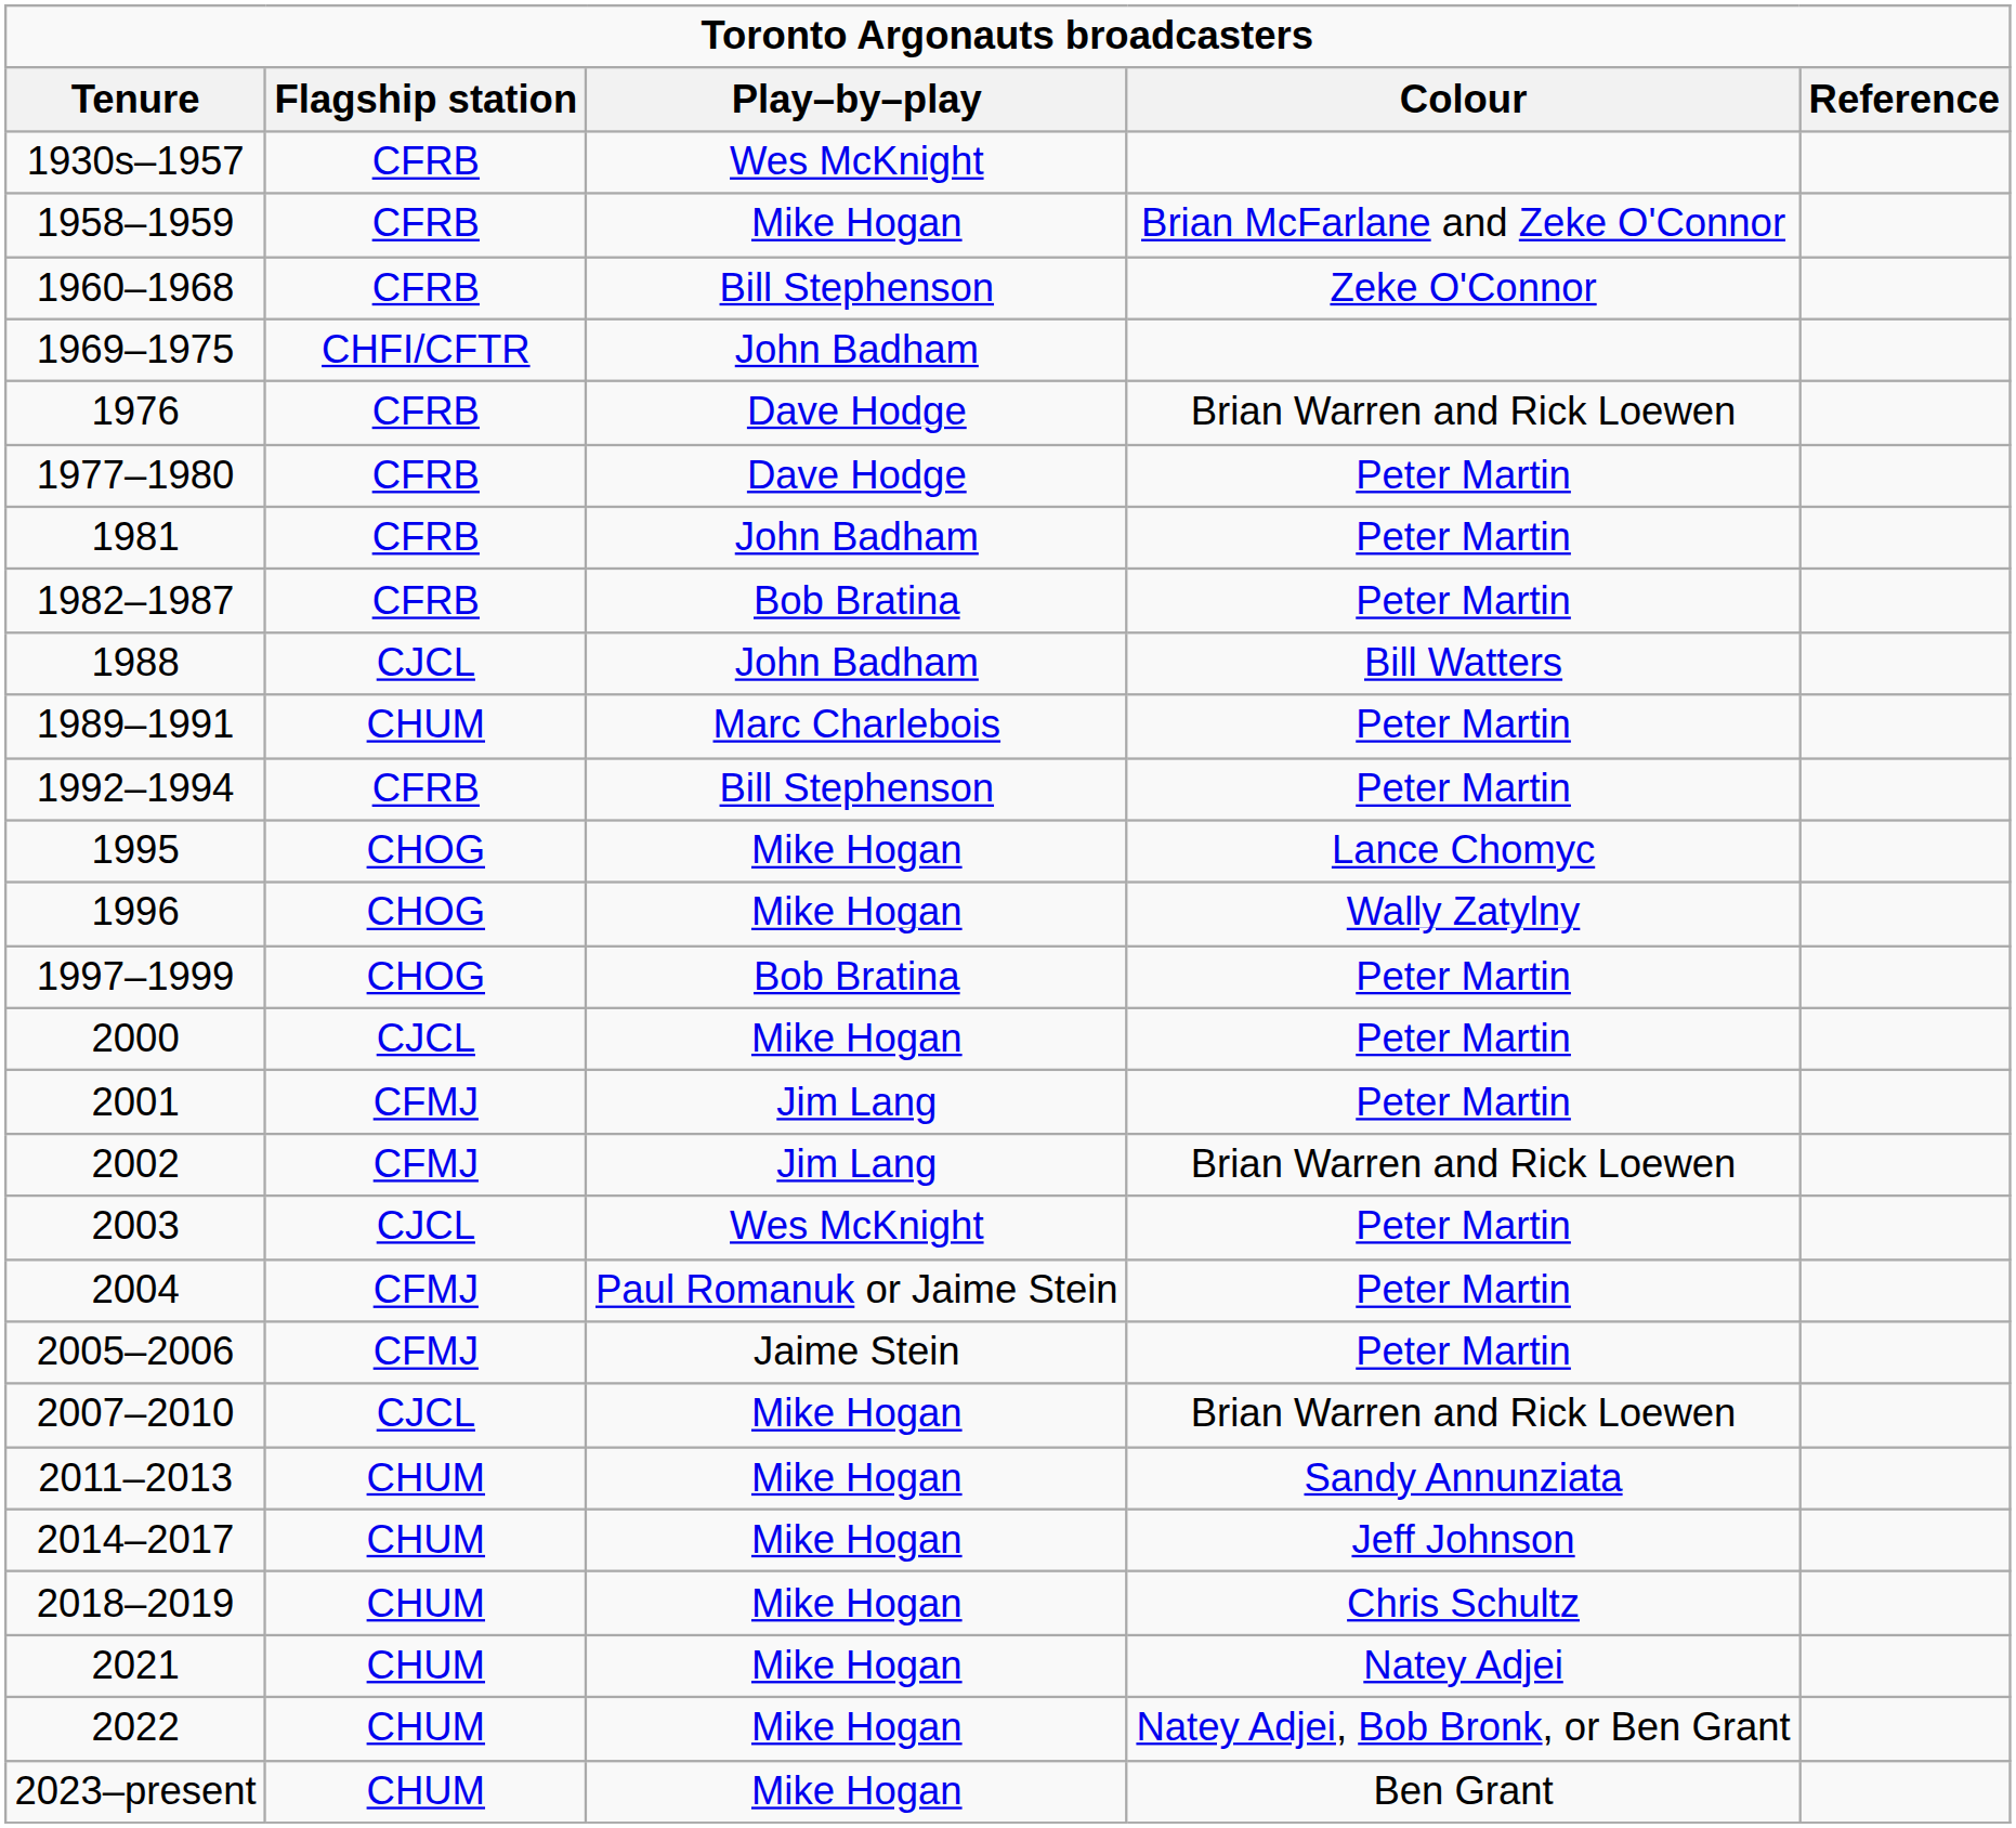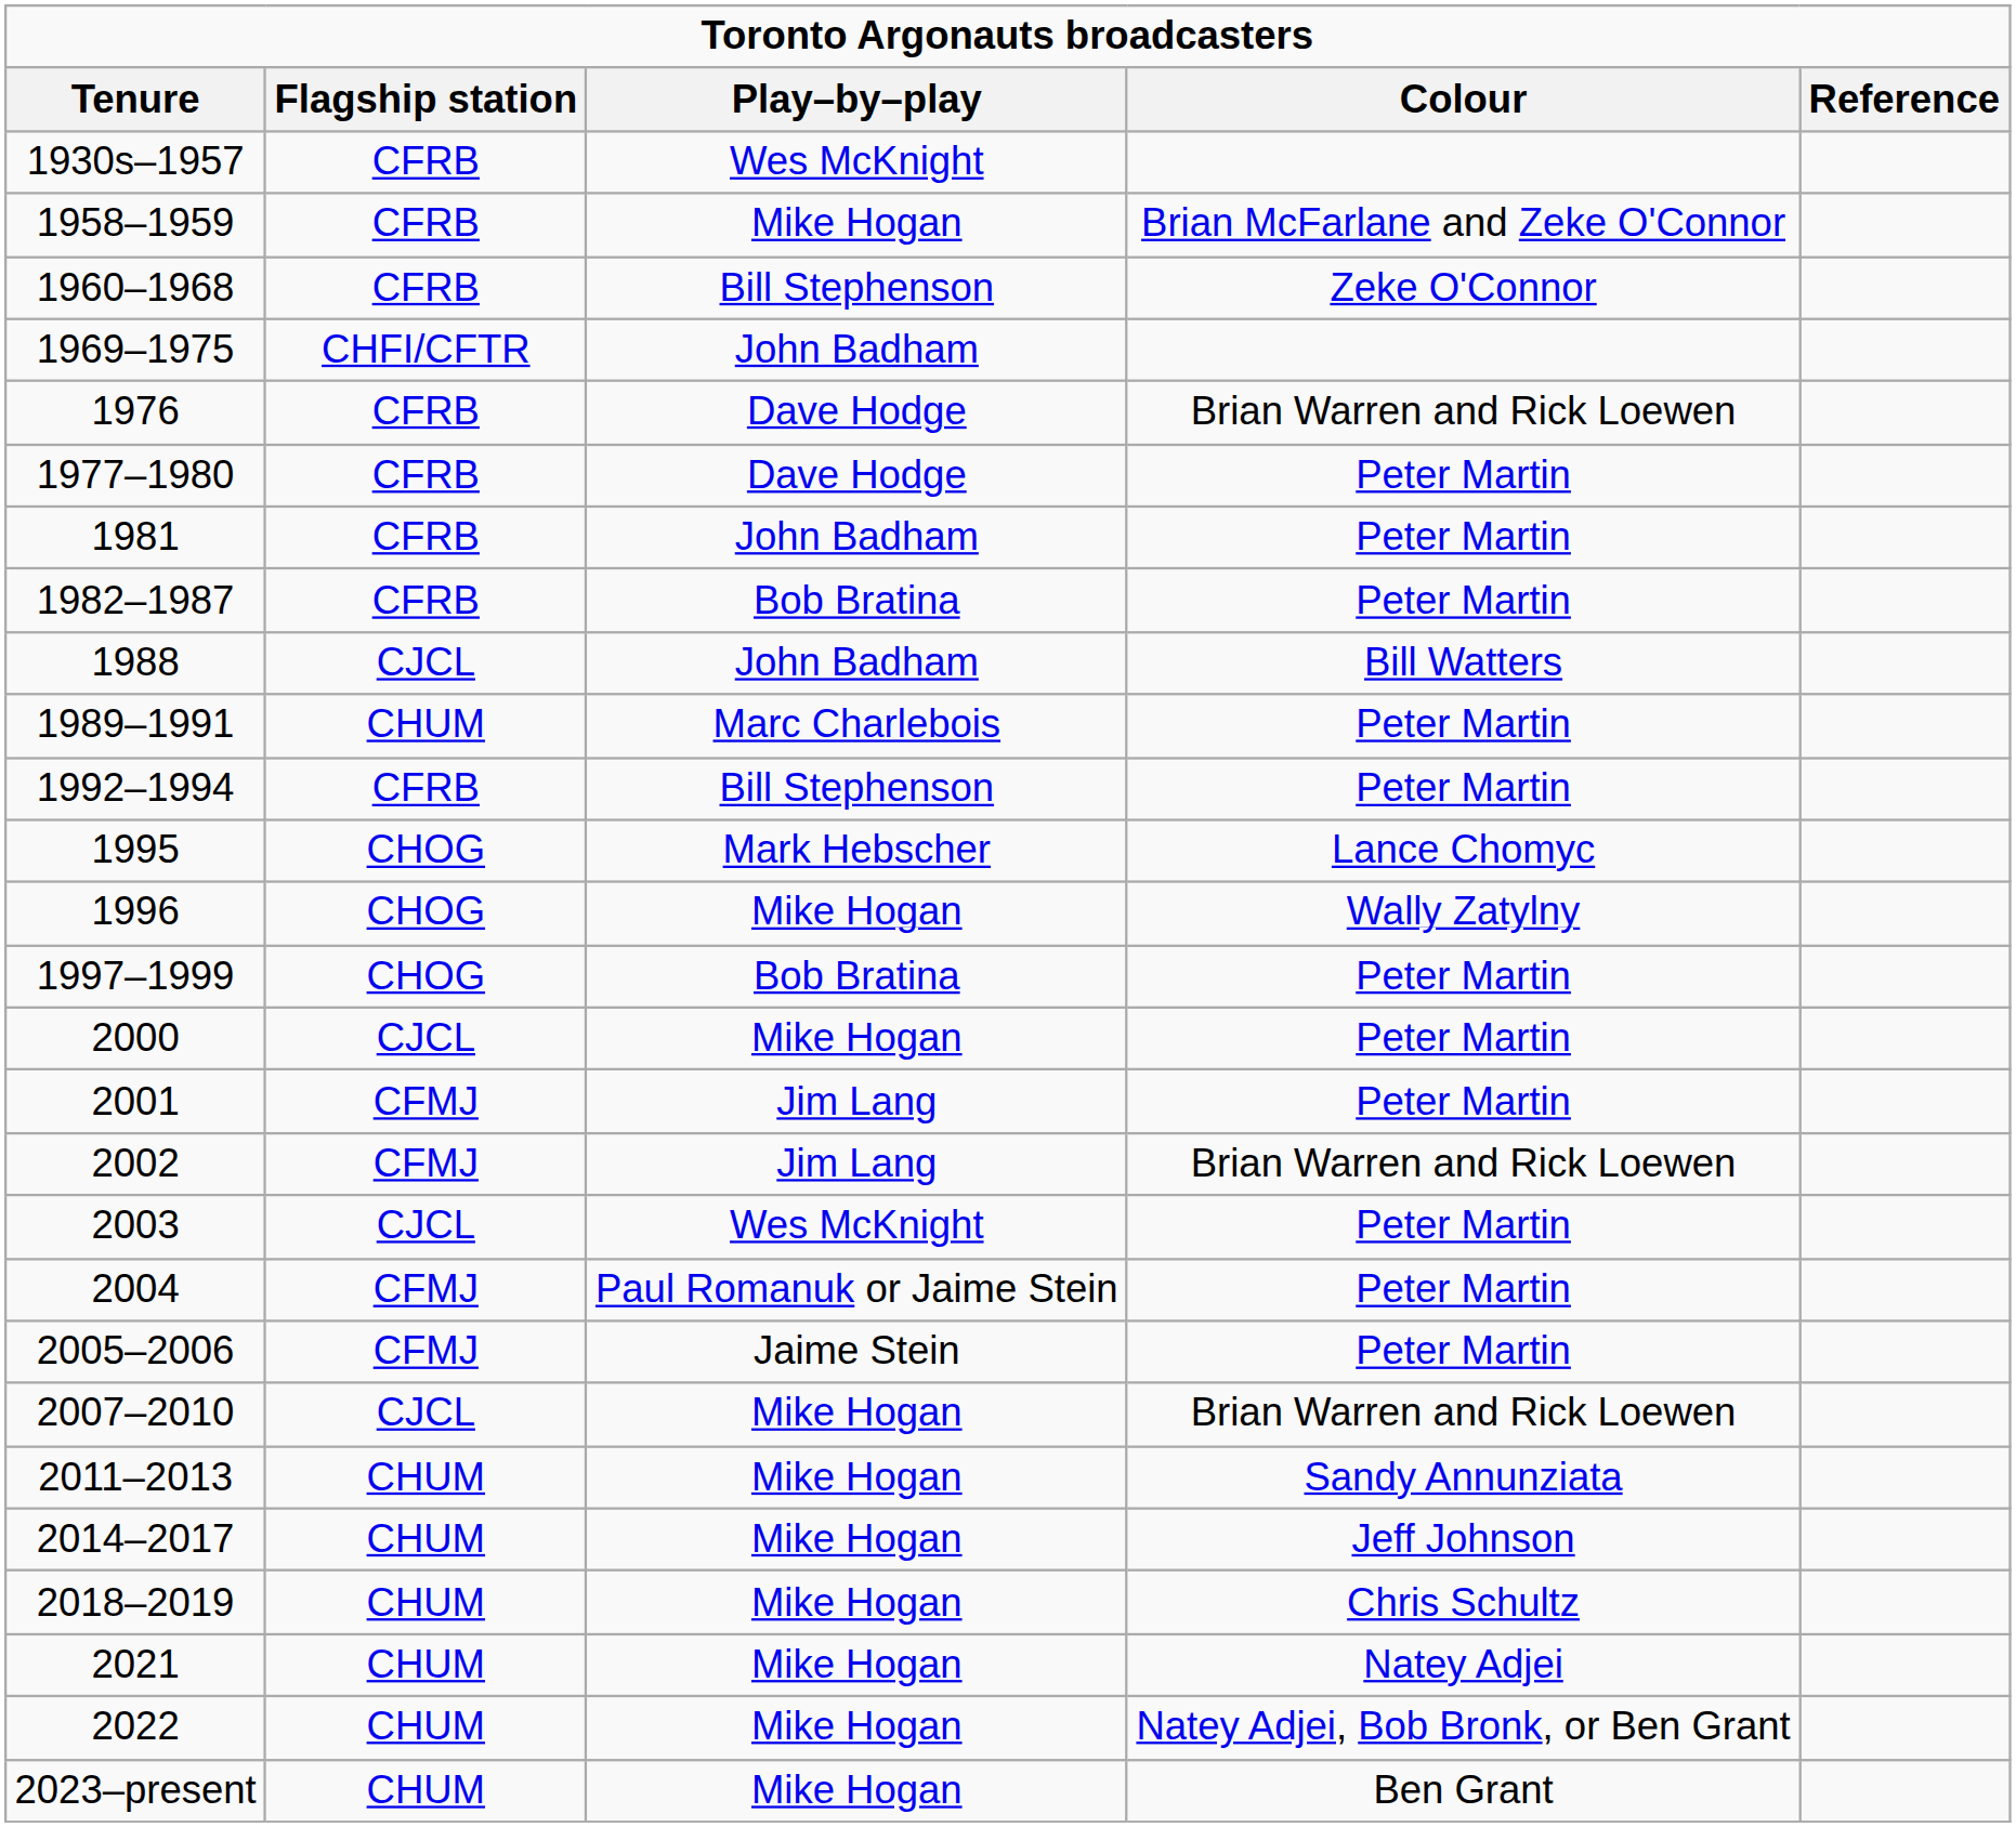 <table class="wikitable" style="text-align:center">
 <tr>
 <td colspan="5"><strong>Toronto Argonauts broadcasters</td>
 </tr>
 <tr>
 <th>Tenure</th>
 <th>Flagship station</th>
 <th>Play–by–play</th>
 <th>Colour</th>
 <th>Reference</th>
 </tr>
 <tr>
 <td>1930s–1957</td>
 <td><a href='#'>CFRB</a></td>
 <td><a href='#'>Wes McKnight</a></td>
 <td></td>
 <td></td>
 </tr>
 <tr>
 <td>1958–1959</td>
 <td><a href='#'>CFRB</a></td>
 <td><a href='#'>Mike Hogan</a></td>
 <td><a href='#'>Brian McFarlane</a> and <a href='#'>Zeke O'Connor</a></td>
 <td></td>
 </tr>
 <tr>
 <td>1960–1968</td>
 <td><a href='#'>CFRB</a></td>
 <td><a href='#'>Bill Stephenson</a></td>
 <td><a href='#'>Zeke O'Connor</a></td>
 <td></td>
 </tr>
 <tr>
 <td>1969–1975</td>
 <td><a href='#'>CHFI/CFTR</a></td>
 <td><a href='#'>John Badham</a></td>
 <td></td>
 <td></td>
 </tr>
 <tr>
 <td>1976</td>
 <td><a href='#'>CFRB</a></td>
 <td><a href='#'>Dave Hodge</a></td>
 <td>Brian Warren and Rick Loewen</td>
 <td></td>
 </tr>
 <tr>
 <td>1977–1980</td>
 <td><a href='#'>CFRB</a></td>
 <td><a href='#'>Dave Hodge</a></td>
 <td><a href='#'>Peter Martin</a></td>
 <td></td>
 </tr>
 <tr>
 <td>1981</td>
 <td><a href='#'>CFRB</a></td>
 <td><a href='#'>John Badham</a></td>
 <td><a href='#'>Peter Martin</a></td>
 <td></td>
 </tr>
 <tr>
 <td>1982–1987</td>
 <td><a href='#'>CFRB</a></td>
 <td><a href='#'>Bob Bratina</a></td>
 <td><a href='#'>Peter Martin</a></td>
 <td></td>
 </tr>
 <tr>
 <td>1988</td>
 <td><a href='#'>CJCL</a></td>
 <td><a href='#'>John Badham</a></td>
 <td><a href='#'>Bill Watters</a></td>
 <td></td>
 </tr>
 <tr>
 <td>1989–1991</td>
 <td><a href='#'>CHUM</a></td>
 <td><a href='#'>Marc Charlebois</a></td>
 <td><a href='#'>Peter Martin</a></td>
 <td></td>
 </tr>
 <tr>
 <td>1992–1994</td>
 <td><a href='#'>CFRB</a></td>
 <td><a href='#'>Bill Stephenson</a></td>
 <td><a href='#'>Peter Martin</a></td>
 <td></td>
 </tr>
 <tr>
 <td>1995</td>
 <td><a href='#'>CHOG</a></td>
-<td><a href='#'>Mike Hogan</a></td>
+<td><a href='#'>Mark Hebscher</a></td>
 <td><a href='#'>Lance Chomyc</a></td>
 <td></td>
 </tr>
 <tr>
 <td>1996</td>
 <td><a href='#'>CHOG</a></td>
 <td><a href='#'>Mike Hogan</a></td>
 <td><a href='#'>Wally Zatylny</a></td>
 <td></td>
 </tr>
 <tr>
 <td>1997–1999</td>
 <td><a href='#'>CHOG</a></td>
 <td><a href='#'>Bob Bratina</a></td>
 <td><a href='#'>Peter Martin</a></td>
 <td></td>
 </tr>
 <tr>
 <td>2000</td>
 <td><a href='#'>CJCL</a></td>
 <td><a href='#'>Mike Hogan</a></td>
 <td><a href='#'>Peter Martin</a></td>
 <td></td>
 </tr>
 <tr>
 <td>2001</td>
 <td><a href='#'>CFMJ</a></td>
 <td><a href='#'>Jim Lang</a></td>
 <td><a href='#'>Peter Martin</a></td>
 <td></td>
 </tr>
 <tr>
 <td>2002</td>
 <td><a href='#'>CFMJ</a></td>
 <td><a href='#'>Jim Lang</a></td>
 <td>Brian Warren and Rick Loewen</td>
 <td></td>
 </tr>
 <tr>
 <td>2003</td>
 <td><a href='#'>CJCL</a></td>
 <td><a href='#'>Wes McKnight</a></td>
 <td><a href='#'>Peter Martin</a></td>
 <td></td>
 </tr>
 <tr>
 <td>2004</td>
 <td><a href='#'>CFMJ</a></td>
 <td><a href='#'>Paul Romanuk</a>  or Jaime Stein</td>
 <td><a href='#'>Peter Martin</a></td>
 <td></td>
 </tr>
 <tr>
 <td>2005–2006</td>
 <td><a href='#'>CFMJ</a></td>
 <td>Jaime Stein</td>
 <td><a href='#'>Peter Martin</a></td>
 <td></td>
 </tr>
 <tr>
 <td>2007–2010</td>
 <td><a href='#'>CJCL</a></td>
 <td><a href='#'>Mike Hogan</a></td>
 <td>Brian Warren and Rick Loewen</td>
 <td></td>
 </tr>
 <tr>
 <td>2011–2013</td>
 <td><a href='#'>CHUM</a></td>
 <td><a href='#'>Mike Hogan</a></td>
 <td><a href='#'>Sandy Annunziata</a></td>
 <td></td>
 </tr>
 <tr>
 <td>2014–2017</td>
 <td><a href='#'>CHUM</a></td>
 <td><a href='#'>Mike Hogan</a></td>
 <td><a href='#'>Jeff Johnson</a></td>
 <td></td>
 </tr>
 <tr>
 <td>2018–2019</td>
 <td><a href='#'>CHUM</a></td>
 <td><a href='#'>Mike Hogan</a></td>
 <td><a href='#'>Chris Schultz</a></td>
 <td></td>
 </tr>
 <tr>
 <td>2021</td>
 <td><a href='#'>CHUM</a></td>
 <td><a href='#'>Mike Hogan</a></td>
 <td><a href='#'>Natey Adjei</a></td>
 <td></td>
 </tr>
 <tr>
 <td>2022</td>
 <td><a href='#'>CHUM</a></td>
 <td><a href='#'>Mike Hogan</a></td>
 <td><a href='#'>Natey Adjei</a>, <a href='#'>Bob Bronk</a>, or Ben Grant</td>
 <td></td>
 </tr>
 <tr>
 <td>2023–present</td>
 <td><a href='#'>CHUM</a></td>
 <td><a href='#'>Mike Hogan</a></td>
 <td>Ben Grant</td>
 <td></td>
 </tr>
 </table>
